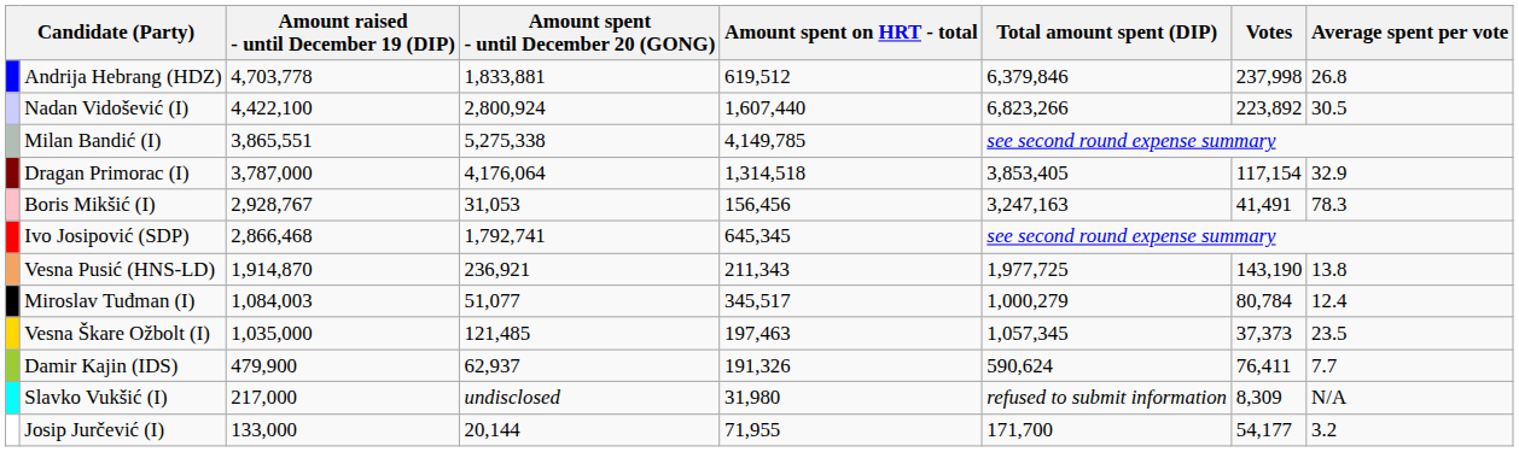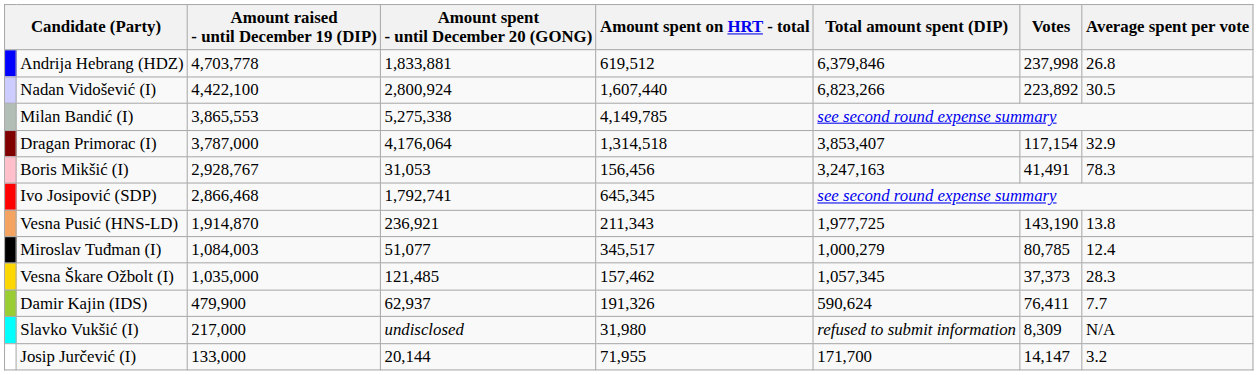 <table class="wikitable sortable" style="font:bold">
 <tr>
 <th colspan=2>Candidate (Party)</th>
 <th>Amount raised<br>- until December 19 (DIP)</th>
 <th>Amount spent<br>- until December 20 (GONG)</th>
 <th>Amount spent on <a href='#'>HRT</a> - total</th>
 <th>Total amount spent (DIP)</th>
 <th>Votes</th>
 <th>Average spent per vote</th>
 </tr>
 <tr>
 <td style="background: blue"> </td>
 <td>Andrija Hebrang (HDZ)</td>
 <td>4,703,778</td>
 <td>1,833,881</td>
 <td>619,512</td>
 <td>6,379,846</td>
 <td>237,998</td>
 <td>26.8</td>
 </tr>
 <tr>
 <td style="background:#ccf;"> </td>
 <td>Nadan Vidošević (I)</td>
 <td>4,422,100</td>
 <td>2,800,924</td>
 <td>1,607,440</td>
 <td>6,823,266</td>
 <td>223,892</td>
 <td>30.5</td>
 </tr>
 <tr>
 <td style="background: #B2BEB5"> </td>
 <td>Milan Bandić (I)</td>
-<td>3,865,551</td>
+<td>3,865,553</td>
 <td>5,275,338</td>
 <td>4,149,785</td>
 <td colspan="3"><a href='#'><em>see second round expense summary</em></a></td>
 </tr>
 <tr>
 <td style="background:maroon;"> </td>
 <td>Dragan Primorac (I)</td>
 <td>3,787,000</td>
 <td>4,176,064</td>
 <td>1,314,518</td>
-<td>3,853,405</td>
+<td>3,853,407</td>
 <td>117,154</td>
 <td>32.9</td>
 </tr>
 <tr>
 <td style="background: pink"> </td>
 <td>Boris Mikšić (I)</td>
 <td>2,928,767</td>
 <td>31,053</td>
 <td>156,456</td>
 <td>3,247,163</td>
 <td>41,491</td>
 <td>78.3</td>
 </tr>
 <tr>
 <td style="background: red"> </td>
 <td>Ivo Josipović (SDP)</td>
 <td>2,866,468</td>
 <td>1,792,741</td>
 <td>645,345</td>
 <td colspan="3"><a href='#'><em>see second round expense summary</em></a></td>
 </tr>
 <tr>
 <td style="background: sandybrown"> </td>
 <td>Vesna Pusić (HNS-LD)</td>
 <td>1,914,870</td>
 <td>236,921</td>
 <td>211,343</td>
 <td>1,977,725</td>
 <td>143,190</td>
 <td>13.8</td>
 </tr>
 <tr>
 <td style="background: black"> </td>
 <td>Miroslav Tuđman (I)</td>
 <td>1,084,003</td>
 <td>51,077</td>
 <td>345,517</td>
 <td>1,000,279</td>
-<td>80,784</td>
+<td>80,785</td>
 <td>12.4</td>
 </tr>
 <tr>
 <td style="background: gold"> </td>
 <td>Vesna Škare Ožbolt (I)</td>
 <td>1,035,000</td>
 <td>121,485</td>
-<td>197,463</td>
+<td>157,462</td>
 <td>1,057,345</td>
 <td>37,373</td>
-<td>23.5</td>
+<td>28.3</td>
 </tr>
 <tr>
 <td style="background: #9ACD32"> </td>
 <td>Damir Kajin (IDS)</td>
 <td>479,900</td>
 <td>62,937</td>
 <td>191,326</td>
 <td>590,624</td>
 <td>76,411</td>
 <td>7.7</td>
 </tr>
 <tr>
 <td style="background: cyan"> </td>
 <td>Slavko Vukšić (I)</td>
 <td>217,000</td>
 <td><em>undisclosed</em></td>
 <td>31,980</td>
 <td><em>refused to submit information</em></td>
 <td>8,309</td>
 <td>N/A</td>
 </tr>
 <tr>
 <td style="background: white"> </td>
 <td>Josip Jurčević (I)</td>
 <td>133,000</td>
 <td>20,144</td>
 <td>71,955</td>
 <td>171,700</td>
-<td>54,177</td>
+<td>14,147</td>
 <td>3.2</td>
 </tr>
 </table>
